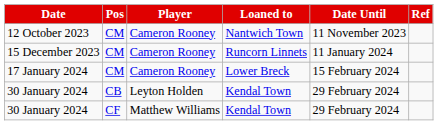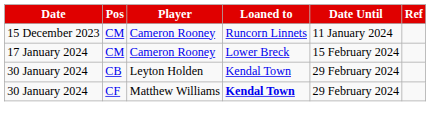 <table class="wikitable plainrowheaders sortable">
 <tr>
 <th style="background:#E00000; color:#ffffff; ">Date</th>
 <th style="background:#E00000; color:#ffffff; ">Pos</th>
 <th style="background:#E00000; color:#ffffff; ">Player</th>
 <th style="background:#E00000; color:#ffffff; ">Loaned to</th>
 <th style="background:#E00000; color:#ffffff; ">Date Until</th>
 <th style="background:#E00000; color:#ffffff; ">Ref</th>
-</tr>
-<tr>
-<td>12 October 2023</td>
-<td><a href='#'>CM</a></td>
-<td> <a href='#'>Cameron Rooney</a></td>
-<td> <a href='#'>Nantwich Town</a></td>
-<td>11 November 2023</td>
-<td></td>
 </tr>
 <tr>
 <td>15 December 2023</td>
 <td><a href='#'>CM</a></td>
 <td> <a href='#'>Cameron Rooney</a></td>
 <td> <a href='#'>Runcorn Linnets</a></td>
 <td>11 January 2024</td>
 <td></td>
 </tr>
 <tr>
 <td>17 January 2024</td>
 <td><a href='#'>CM</a></td>
 <td> <a href='#'>Cameron Rooney</a></td>
 <td> <a href='#'>Lower Breck</a></td>
 <td>15 February 2024</td>
 <td></td>
 </tr>
 <tr>
 <td>30 January 2024</td>
 <td><a href='#'>CB</a></td>
 <td> Leyton Holden</td>
 <td> <a href='#'>Kendal Town</a></td>
 <td>29 February 2024</td>
 <td></td>
 </tr>
 <tr>
 <td>30 January 2024</td>
 <td><a href='#'>CF</a></td>
 <td> Matthew Williams</td>
-<td> <a href='#'>Kendal Town</a></td>
+<td><strong> <a href='#'>Kendal Town</a></strong></td>
 <td>29 February 2024</td>
 <td></td>
 </tr>
 </table>
